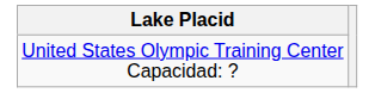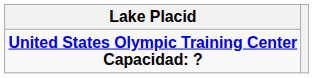 <table class="wikitable" style="margin:1em auto; text-align:center;">
 <tr>
 <th style="border-left:none; border-right;">Lake Placid</th>
 <th rowspan="6"></th>
 </tr>
 <tr>
-<td><a href='#'>United States Olympic Training Center</a><br>Capacidad: ?</td>
+<td><strong><a href='#'>United States Olympic Training Center</a><br>Capacidad: ?</strong></td>
 </tr>
 </table>
